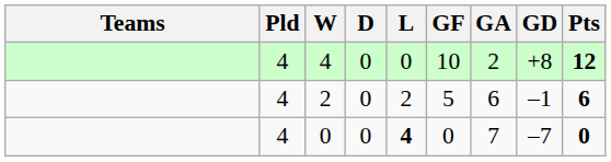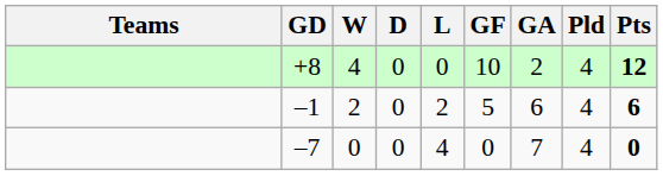 <table class="wikitable" style="text-align: center;">
 <tr>
 <th width=165>Teams</th>
-<th width=20>Pld</th>
+<th width=20>GD</th>
 <th width=20>W</th>
 <th width=20>D</th>
 <th width=20>L</th>
 <th width=20>GF</th>
 <th width=20>GA</th>
-<th width=20>GD</th>
+<th width=20>Pld</th>
 <th width=20>Pts</th>
 </tr>
 <tr align=center style="background:#ccffcc;">
 <td style="text-align:left;"></td>
-<td>4</td>
+<td>+8</td>
 <td>4</td>
 <td>0</td>
 <td>0</td>
 <td>10</td>
 <td>2</td>
-<td>+8</td>
+<td>4</td>
 <td><strong>12</strong></td>
 </tr>
 <tr align=center>
 <td style="text-align:left;"></td>
-<td>4</td>
+<td>–1</td>
 <td>2</td>
 <td>0</td>
 <td>2</td>
 <td>5</td>
 <td>6</td>
-<td>–1</td>
+<td>4</td>
 <td><strong>6</strong></td>
 </tr>
 <tr align=center>
 <td style="text-align:left;"></td>
+<td>–7</td>
+<td>0</td>
+<td>0</td>
 <td>4</td>
 <td>0</td>
-<td>0</td>
-<td><strong>4</strong></td>
-<td>0</td>
 <td>7</td>
-<td>–7</td>
+<td>4</td>
 <td><strong>0</strong></td>
 </tr>
 </table>
